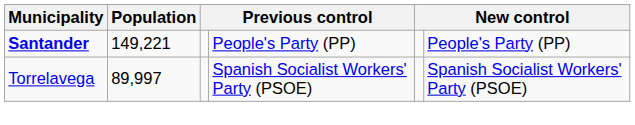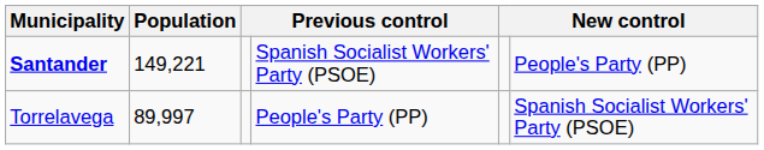 <table class="wikitable sortable">
 <tr>
 <th>Municipality</th>
 <th>Population</th>
 <th colspan="2" style="width:375px;">Previous control</th>
 <th colspan="2" style="width:375px;">New control</th>
 </tr>
 <tr>
 <td><strong><a href='#'>Santander</a></strong></td>
 <td>149,221</td>
 <td width="1" style="color:inherit;background:"></td>
-<td><a href='#'>People's Party</a> (PP)</td>
+<td><a href='#'>Spanish Socialist Workers' Party</a> (PSOE)</td>
 <td width="1" style="color:inherit;background:"></td>
 <td><a href='#'>People's Party</a> (PP)</td>
 </tr>
 <tr>
 <td><a href='#'>Torrelavega</a></td>
 <td>89,997</td>
 <td style="color:inherit;background:"></td>
-<td><a href='#'>Spanish Socialist Workers' Party</a> (PSOE)</td>
+<td><a href='#'>People's Party</a> (PP)</td>
 <td style="color:inherit;background:"></td>
 <td><a href='#'>Spanish Socialist Workers' Party</a> (PSOE)</td>
 </tr>
 </table>
